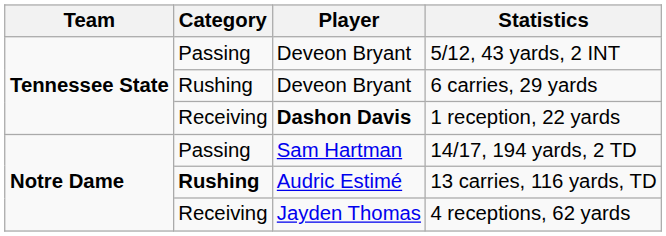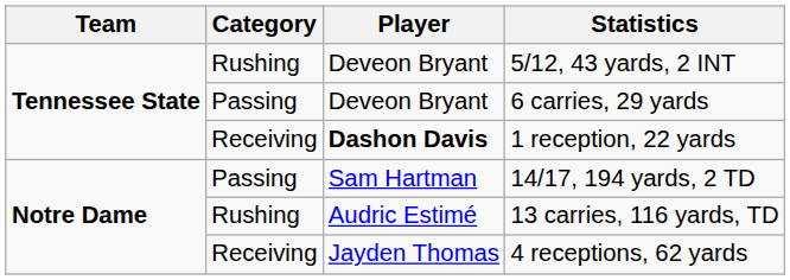 <table class="wikitable" style="float: right;">
 <tr>
 <th>Team</th>
 <th>Category</th>
 <th>Player</th>
 <th>Statistics</th>
 </tr>
 <tr>
 <td rowspan=3><strong>Tennessee State</strong></td>
-<td>Passing</td>
+<td>Rushing</td>
 <td>Deveon Bryant</td>
 <td>5/12, 43 yards, 2 INT</td>
 </tr>
 <tr>
-<td>Rushing</td>
+<td>Passing</td>
 <td>Deveon Bryant</td>
 <td>6 carries, 29 yards</td>
 </tr>
 <tr>
 <td>Receiving</td>
 <td><strong>Dashon Davis</strong></td>
 <td>1 reception, 22 yards</td>
 </tr>
 <tr>
 <td rowspan=3><strong>Notre Dame</strong></td>
 <td>Passing</td>
 <td><a href='#'>Sam Hartman</a></td>
 <td>14/17, 194 yards, 2 TD</td>
 </tr>
 <tr>
-<td><strong>Rushing</strong></td>
+<td>Rushing</td>
 <td><a href='#'>Audric Estimé</a></td>
 <td>13 carries, 116 yards, TD</td>
 </tr>
 <tr>
 <td>Receiving</td>
 <td><a href='#'>Jayden Thomas</a></td>
 <td>4 receptions, 62 yards</td>
 </tr>
 </table>
